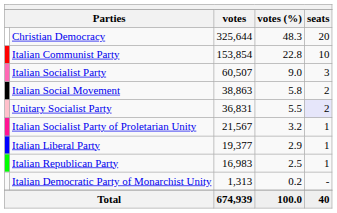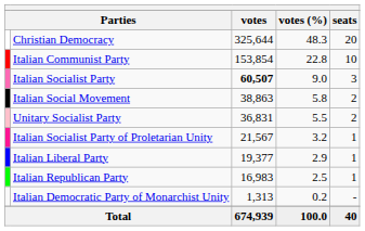 <table class="wikitable" style="font-size:95%">
 <tr>
 <th colspan=5></th>
 </tr>
 <tr>
 </tr>
 <tr bgcolor="EFEFEF">
 <th colspan=2>Parties</th>
 <th>votes</th>
 <th>votes (%)</th>
 <th>seats</th>
 </tr>
 <tr>
 <td bgcolor=White></td>
 <td><a href='#'>Christian Democracy</a></td>
 <td align=right>325,644</td>
 <td align=right>48.3</td>
 <td align=right>20</td>
 </tr>
 <tr>
 <td bgcolor=Red></td>
 <td><a href='#'>Italian Communist Party</a></td>
 <td align=right>153,854</td>
 <td align=right>22.8</td>
 <td align=right>10</td>
 </tr>
 <tr>
 <td bgcolor=Hotpink></td>
 <td><a href='#'>Italian Socialist Party</a></td>
-<td align=right>60,507</td>
+<td align=right><strong>60,507</strong></td>
 <td align=right>9.0</td>
 <td align=right>3</td>
 </tr>
 <tr>
 <td bgcolor=Black></td>
 <td><a href='#'>Italian Social Movement</a></td>
 <td align=right>38,863</td>
 <td align=right>5.8</td>
 <td align=right>2</td>
 </tr>
 <tr>
 <td bgcolor=Pink></td>
 <td><a href='#'>Unitary Socialist Party</a></td>
 <td align=right>36,831</td>
 <td align=right>5.5</td>
-<td align=right style="background: lavender;">2</td>
+<td align=right>2</td>
 </tr>
 <tr>
 <td bgcolor=Deeppink></td>
 <td><a href='#'>Italian Socialist Party of Proletarian Unity</a></td>
 <td align=right>21,567</td>
 <td align=right>3.2</td>
 <td align=right>1</td>
 </tr>
 <tr>
 <td bgcolor=Blue></td>
 <td><a href='#'>Italian Liberal Party</a></td>
 <td align=right>19,377</td>
 <td align=right>2.9</td>
 <td align=right>1</td>
 </tr>
 <tr>
 <td bgcolor=Lime></td>
 <td><a href='#'>Italian Republican Party</a></td>
 <td align=right>16,983</td>
 <td align=right>2.5</td>
 <td align=right>1</td>
 </tr>
 <tr>
 <td style="background-color:"></td>
 <td><a href='#'>Italian Democratic Party of Monarchist Unity</a></td>
 <td align=right>1,313</td>
 <td align=right>0.2</td>
 <td align=right>-</td>
 </tr>
 <tr>
 </tr>
 <tr bgcolor="EFEFEF">
 <th colspan=2><strong>Total</strong></th>
 <td align=right><strong>674,939</strong></td>
 <td align=right><strong>100.0</strong></td>
 <td align=right><strong>40</strong></td>
 </tr>
 </table>
